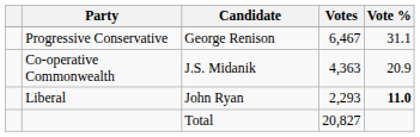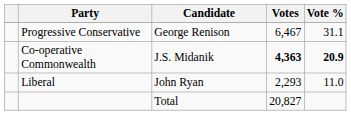 <table class="wikitable">
 <tr>
 <th></th>
 <th scope="col" width="175">Party</th>
 <th scope="col" width="150">Candidate</th>
 <th>Votes</th>
 <th>Vote %</th>
 </tr>
 <tr>
 </tr>
 <tr>
 <td>   </td>
 <td>Progressive Conservative</td>
 <td>George Renison</td>
 <td align=right>6,467</td>
 <td align=right>31.1</td>
 </tr>
 <tr>
 <td>   </td>
 <td>Co-operative Commonwealth</td>
 <td>J.S. Midanik</td>
-<td align=right>4,363</td>
-<td align=right>20.9</td>
+<td align=right><strong>4,363</strong></td>
+<td align=right><strong>20.9</strong></td>
 </tr>
 <tr>
 <td>   </td>
 <td>Liberal</td>
 <td>John Ryan</td>
 <td align=right>2,293</td>
-<td align=right><strong>11.0</strong></td>
+<td align=right>11.0</td>
 </tr>
 <tr>
 <td></td>
 <td></td>
 <td>Total</td>
 <td align=right>20,827</td>
 <td></td>
 </tr>
 </table>
